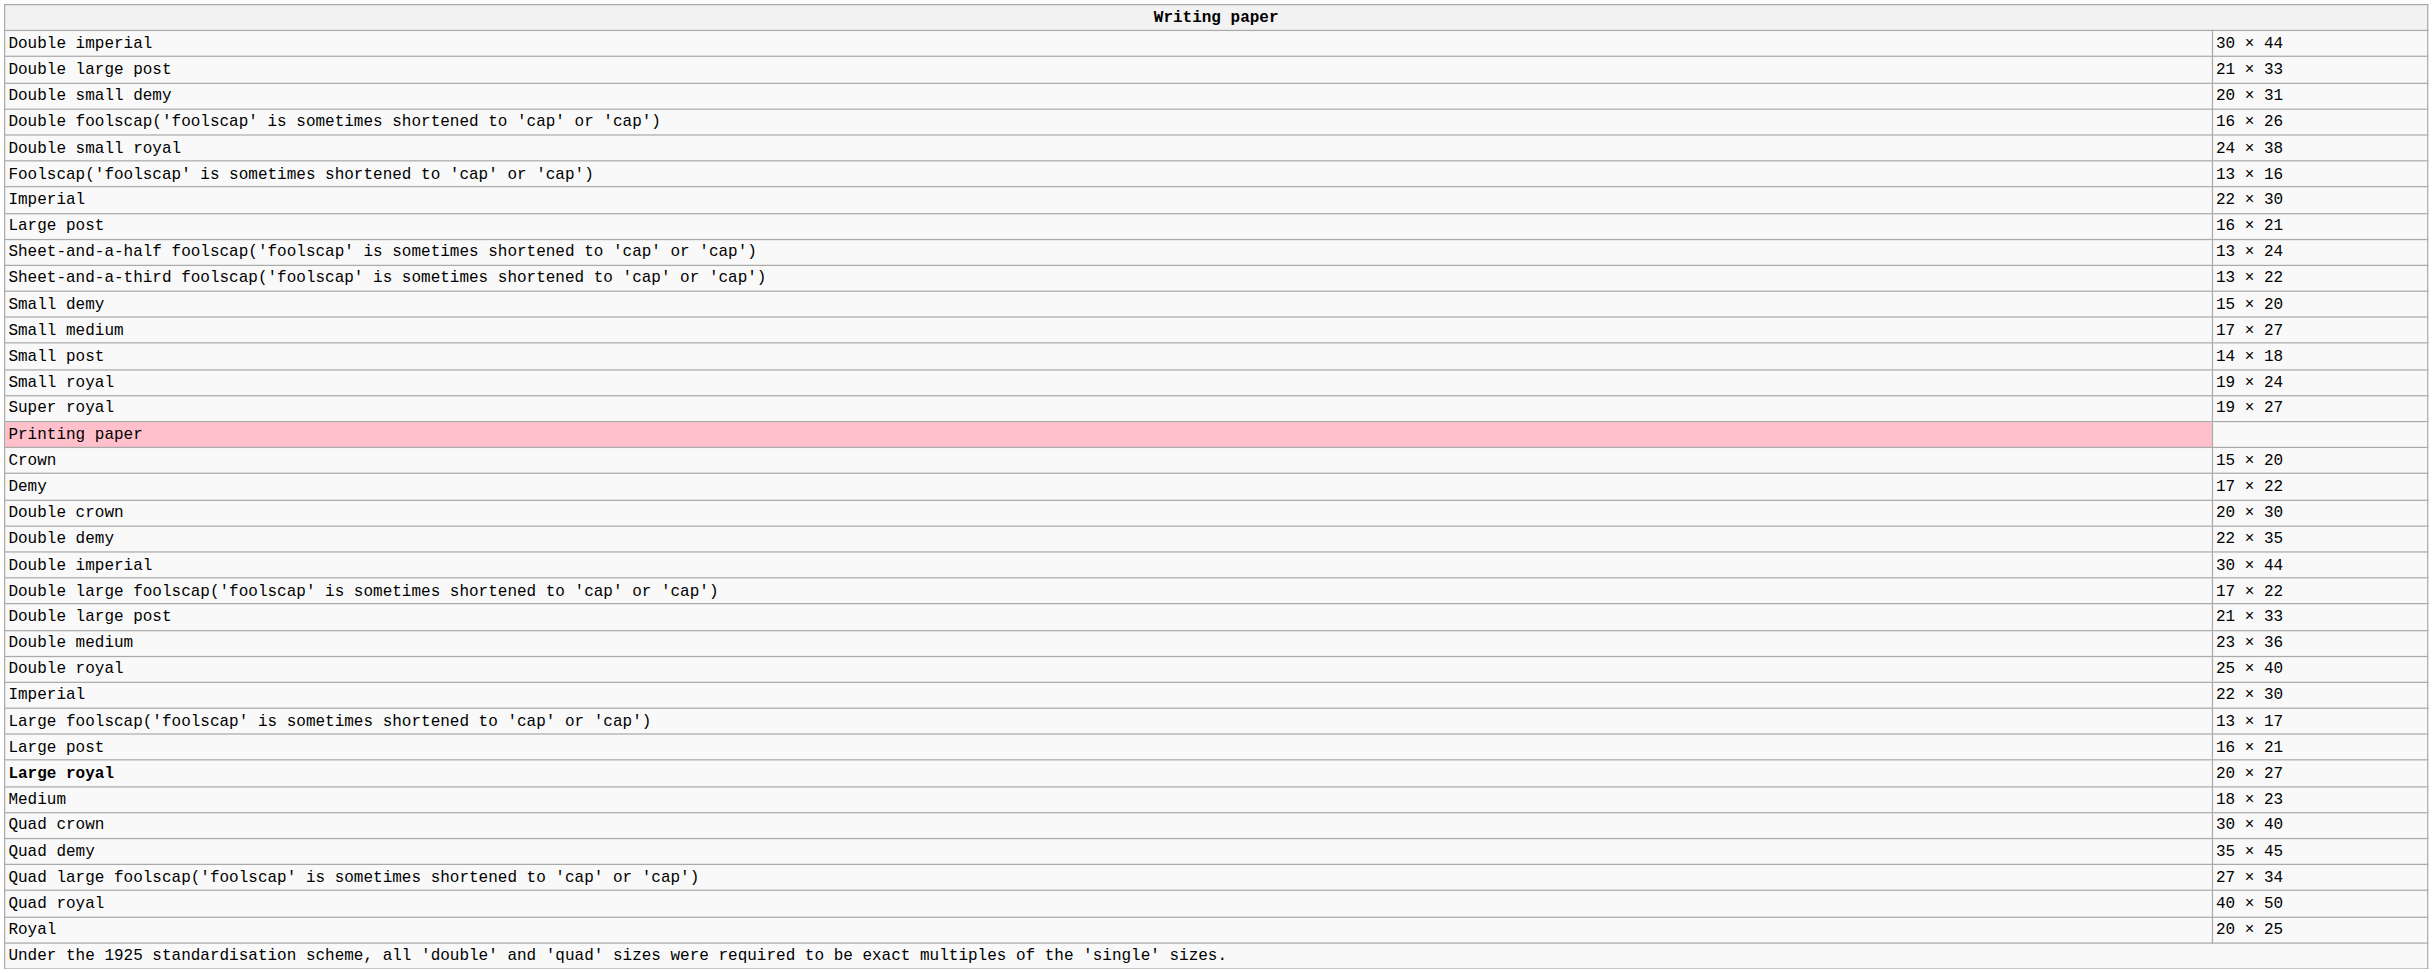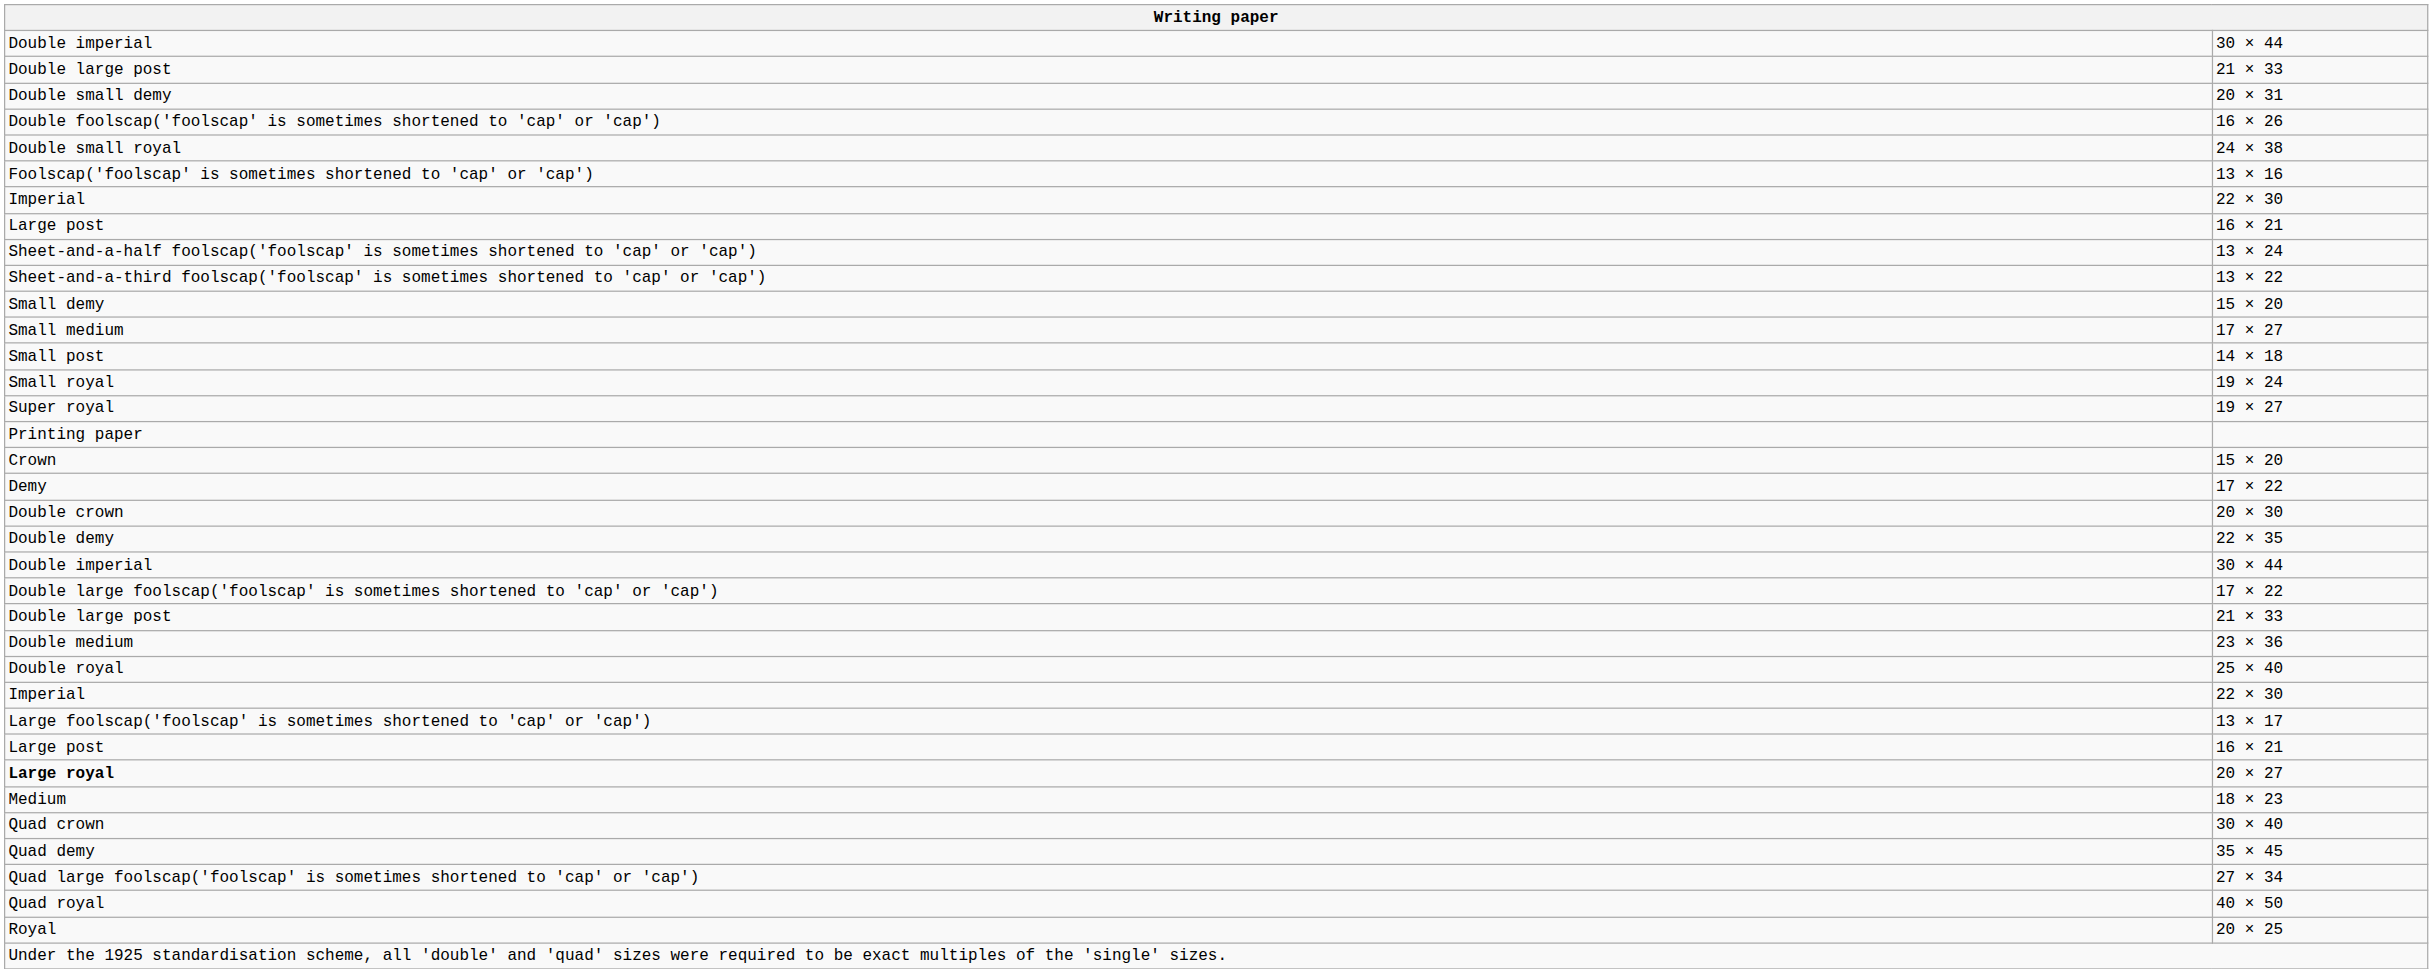 <table class="wikitable">
 <tr>
 <th colspan="2" width="50%">Writing paper</th>
 </tr>
 <tr>
 <td>Double imperial</td>
 <td>30 × 44</td>
 </tr>
 <tr>
 <td>Double large post</td>
 <td>21 × 33</td>
 </tr>
 <tr>
 <td>Double small demy</td>
 <td>20 × 31</td>
 </tr>
 <tr>
 <td>Double foolscap('foolscap' is sometimes shortened to 'cap' or 'cap')</td>
 <td>16 × 26</td>
 </tr>
 <tr>
 <td>Double small royal</td>
 <td>24 × 38</td>
 </tr>
 <tr>
 <td>Foolscap('foolscap' is sometimes shortened to 'cap' or 'cap')</td>
 <td>13 × 16</td>
 </tr>
 <tr>
 <td>Imperial</td>
 <td>22 × 30</td>
 </tr>
 <tr>
 <td>Large post</td>
 <td>16 × 21</td>
 </tr>
 <tr>
 <td>Sheet‑and‑a‑half foolscap('foolscap' is sometimes shortened to 'cap' or 'cap')</td>
 <td>13 × 24</td>
 </tr>
 <tr>
 <td>Sheet‑and‑a‑third foolscap('foolscap' is sometimes shortened to 'cap' or 'cap')</td>
 <td>13 × 22</td>
 </tr>
 <tr>
 <td>Small demy</td>
 <td>15 × 20</td>
 </tr>
 <tr>
 <td>Small medium</td>
 <td>17 × 27</td>
 </tr>
 <tr>
 <td>Small post</td>
 <td>14 × 18</td>
 </tr>
 <tr>
 <td>Small royal</td>
 <td>19 × 24</td>
 </tr>
 <tr>
 <td>Super royal</td>
 <td>19 × 27</td>
 </tr>
 <tr>
-<td style="background: pink;">Printing paper</td>
+<td>Printing paper</td>
 <td></td>
 </tr>
 <tr>
 <td>Crown</td>
 <td>15 × 20</td>
 </tr>
 <tr>
 <td>Demy</td>
 <td>17 × 22</td>
 </tr>
 <tr>
 <td>Double crown</td>
 <td>20 × 30</td>
 </tr>
 <tr>
 <td>Double demy</td>
 <td>22 × 35</td>
 </tr>
 <tr>
 <td>Double imperial</td>
 <td>30 × 44</td>
 </tr>
 <tr>
 <td>Double large foolscap('foolscap' is sometimes shortened to 'cap' or 'cap')</td>
 <td>17 × 22</td>
 </tr>
 <tr>
 <td>Double large post</td>
 <td>21 × 33</td>
 </tr>
 <tr>
 <td>Double medium</td>
 <td>23 × 36</td>
 </tr>
 <tr>
 <td>Double royal</td>
 <td>25 × 40</td>
 </tr>
 <tr>
 <td>Imperial</td>
 <td>22 × 30</td>
 </tr>
 <tr>
 <td>Large foolscap('foolscap' is sometimes shortened to 'cap' or 'cap')</td>
 <td>13 × 17</td>
 </tr>
 <tr>
 <td>Large post</td>
 <td>16 × 21</td>
 </tr>
 <tr>
 <td><strong>Large royal</strong></td>
 <td>20 × 27</td>
 </tr>
 <tr>
 <td>Medium</td>
 <td>18 × 23</td>
 </tr>
 <tr>
 <td>Quad crown</td>
 <td>30 × 40</td>
 </tr>
 <tr>
 <td>Quad demy</td>
 <td>35 × 45</td>
 </tr>
 <tr>
 <td>Quad large foolscap('foolscap' is sometimes shortened to 'cap' or 'cap')</td>
 <td>27 × 34</td>
 </tr>
 <tr>
 <td>Quad royal</td>
 <td>40 × 50</td>
 </tr>
 <tr>
 <td>Royal</td>
 <td>20 × 25</td>
 </tr>
 <tr>
 <td colspan="2">Under the 1925 standardisation scheme, all 'double' and 'quad' sizes were required to be exact multiples of the 'single' sizes.</td>
 </tr>
 </table>
